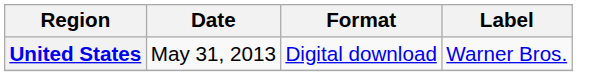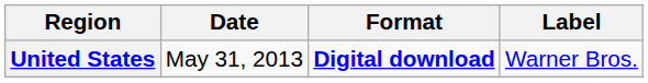 <table class="wikitable plainrowheaders">
 <tr>
 <th scope="col">Region</th>
 <th scope="col">Date</th>
 <th scope="col">Format</th>
 <th scope="col">Label</th>
 </tr>
 <tr>
 <th scope="row"><a href='#'>United States</a></th>
 <td>May 31, 2013</td>
-<td><a href='#'>Digital download</a></td>
+<td><strong><a href='#'>Digital download</a></strong></td>
 <td><a href='#'>Warner Bros.</a></td>
 </tr>
 <tr>
 </tr>
 </table>
